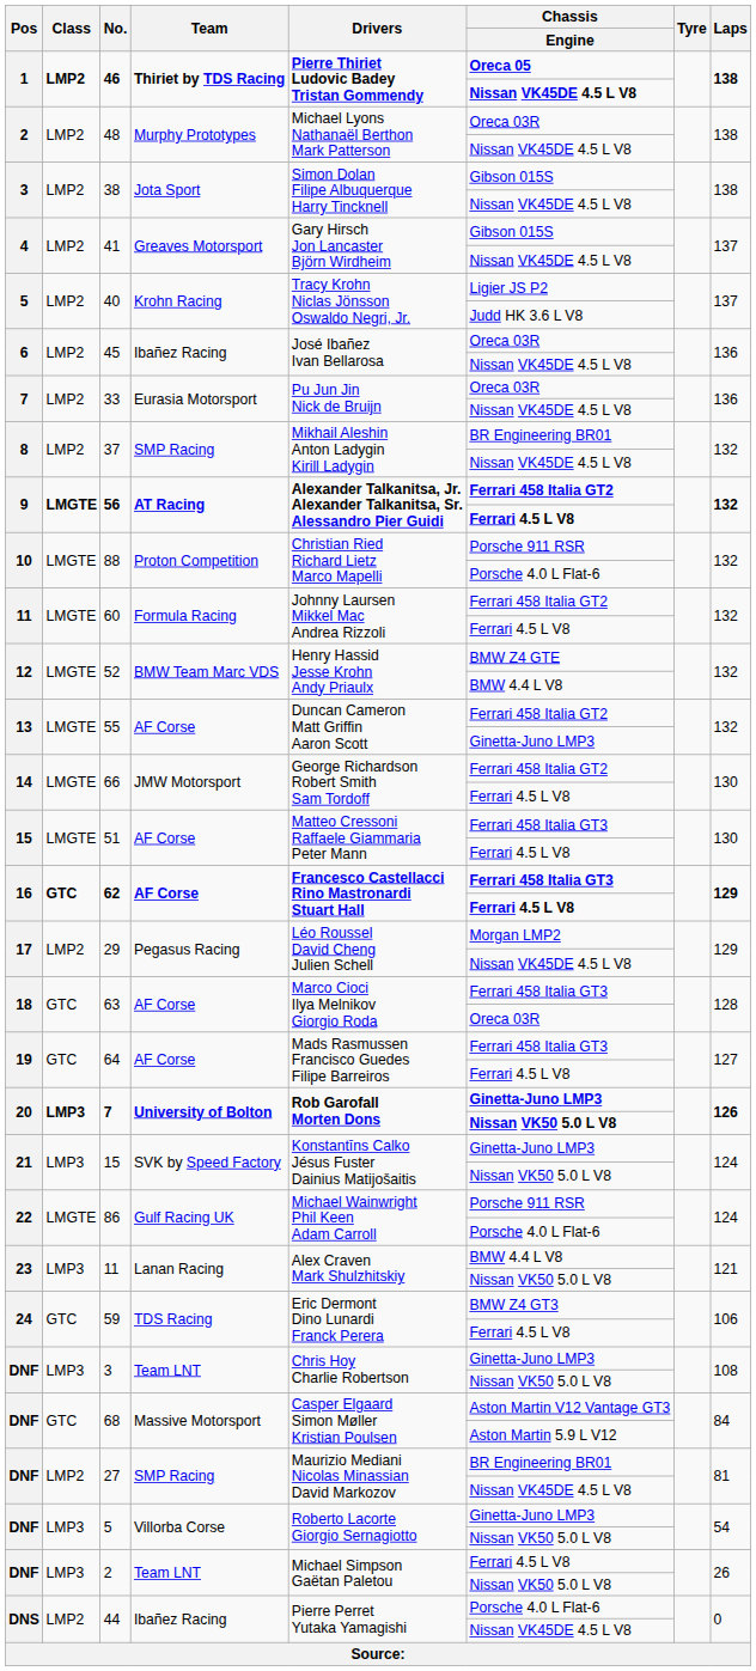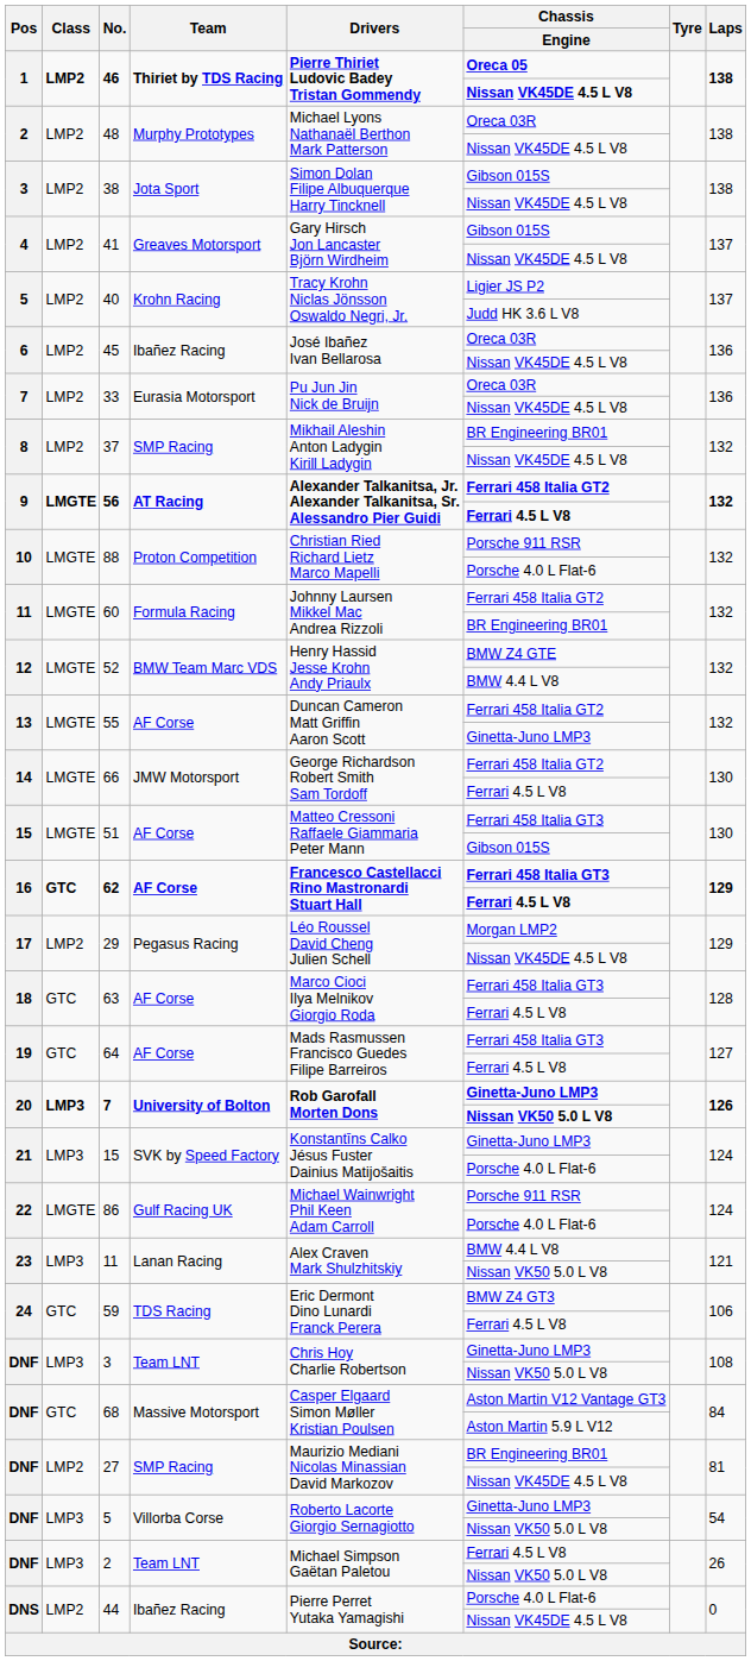 <table class="wikitable" style="font-size: 95%;">
 <tr>
 <th rowspan=2>Pos</th>
 <th rowspan=2>Class</th>
 <th rowspan=2>No.</th>
 <th rowspan=2>Team</th>
 <th rowspan=2>Drivers</th>
 <th>Chassis</th>
 <th rowspan=2>Tyre</th>
 <th rowspan=2>Laps</th>
 </tr>
 <tr>
 <th>Engine</th>
 </tr>
 <tr>
 <th rowspan=2>1</th>
 <td rowspan=2><strong>LMP2</strong></td>
 <td rowspan=2><strong>46</strong></td>
 <td rowspan=2><strong> Thiriet by <a href='#'>TDS Racing</a></strong></td>
 <td rowspan=2><strong> <a href='#'>Pierre Thiriet</a><br> Ludovic Badey<br> <a href='#'>Tristan Gommendy</a></strong></td>
 <td><strong><a href='#'>Oreca 05</a></strong></td>
 <td rowspan=2></td>
 <td rowspan=2><strong>138</strong></td>
 </tr>
 <tr>
 <td><strong><a href='#'>Nissan</a> <a href='#'>VK45DE</a> 4.5 L V8</strong></td>
 </tr>
 <tr>
 <th rowspan=2>2</th>
 <td rowspan=2>LMP2</td>
 <td rowspan=2>48</td>
 <td rowspan=2> <a href='#'>Murphy Prototypes</a></td>
 <td rowspan=2> Michael Lyons<br> <a href='#'>Nathanaël Berthon</a><br> <a href='#'>Mark Patterson</a></td>
 <td><a href='#'>Oreca 03R</a></td>
 <td rowspan=2></td>
 <td rowspan=2>138</td>
 </tr>
 <tr>
 <td><a href='#'>Nissan</a> <a href='#'>VK45DE</a> 4.5 L V8</td>
 </tr>
 <tr>
 <th rowspan=2>3</th>
 <td rowspan=2>LMP2</td>
 <td rowspan=2>38</td>
 <td rowspan=2> <a href='#'>Jota Sport</a></td>
 <td rowspan=2> <a href='#'>Simon Dolan</a><br> <a href='#'>Filipe Albuquerque</a><br> <a href='#'>Harry Tincknell</a></td>
 <td><a href='#'>Gibson 015S</a></td>
 <td rowspan=2></td>
 <td rowspan=2>138</td>
 </tr>
 <tr>
 <td><a href='#'>Nissan</a> <a href='#'>VK45DE</a> 4.5 L V8</td>
 </tr>
 <tr>
 <th rowspan=2>4</th>
 <td rowspan=2>LMP2</td>
 <td rowspan=2>41</td>
 <td rowspan=2> <a href='#'>Greaves Motorsport</a></td>
 <td rowspan=2> Gary Hirsch<br> <a href='#'>Jon Lancaster</a><br> <a href='#'>Björn Wirdheim</a></td>
 <td><a href='#'>Gibson 015S</a></td>
 <td rowspan=2></td>
 <td rowspan=2>137</td>
 </tr>
 <tr>
 <td><a href='#'>Nissan</a> <a href='#'>VK45DE</a> 4.5 L V8</td>
 </tr>
 <tr>
 <th rowspan=2>5</th>
 <td rowspan=2>LMP2</td>
 <td rowspan=2>40</td>
 <td rowspan=2> <a href='#'>Krohn Racing</a></td>
 <td rowspan=2> <a href='#'>Tracy Krohn</a><br> <a href='#'>Niclas Jönsson</a><br> <a href='#'>Oswaldo Negri, Jr.</a></td>
 <td><a href='#'>Ligier JS P2</a></td>
 <td rowspan=2></td>
 <td rowspan=2>137</td>
 </tr>
 <tr>
 <td><a href='#'>Judd</a> HK 3.6 L V8</td>
 </tr>
 <tr>
 <th rowspan=2>6</th>
 <td rowspan=2>LMP2</td>
 <td rowspan=2>45</td>
 <td rowspan=2> Ibañez Racing</td>
 <td rowspan=2> José Ibañez<br> Ivan Bellarosa</td>
 <td><a href='#'>Oreca 03R</a></td>
 <td rowspan=2></td>
 <td rowspan=2>136</td>
 </tr>
 <tr>
 <td><a href='#'>Nissan</a> <a href='#'>VK45DE</a> 4.5 L V8</td>
 </tr>
 <tr>
 <th rowspan=2>7</th>
 <td rowspan=2>LMP2</td>
 <td rowspan=2>33</td>
 <td rowspan=2> Eurasia Motorsport</td>
 <td rowspan=2> <a href='#'>Pu Jun Jin</a><br> <a href='#'>Nick de Bruijn</a></td>
 <td><a href='#'>Oreca 03R</a></td>
 <td rowspan=2></td>
 <td rowspan=2>136</td>
 </tr>
 <tr>
 <td><a href='#'>Nissan</a> <a href='#'>VK45DE</a> 4.5 L V8</td>
 </tr>
 <tr>
 <th rowspan=2>8</th>
 <td rowspan=2>LMP2</td>
 <td rowspan=2>37</td>
 <td rowspan=2> <a href='#'>SMP Racing</a></td>
 <td rowspan=2> <a href='#'>Mikhail Aleshin</a><br> Anton Ladygin<br> <a href='#'>Kirill Ladygin</a></td>
 <td><a href='#'>BR Engineering BR01</a></td>
 <td rowspan=2></td>
 <td rowspan=2>132</td>
 </tr>
 <tr>
 <td><a href='#'>Nissan</a> <a href='#'>VK45DE</a> 4.5 L V8</td>
 </tr>
 <tr>
 <th rowspan=2>9</th>
 <td rowspan=2><strong>LMGTE</strong></td>
 <td rowspan=2><strong>56</strong></td>
 <td rowspan=2><strong> <a href='#'>AT Racing</a></strong></td>
 <td rowspan=2><strong> Alexander Talkanitsa, Jr.<br> Alexander Talkanitsa, Sr.<br> <a href='#'>Alessandro Pier Guidi</a></strong></td>
 <td><a href='#'><strong>Ferrari 458 Italia GT2</strong></a></td>
 <td rowspan=2></td>
 <td rowspan=2><strong>132</strong></td>
 </tr>
 <tr>
 <td><strong><a href='#'>Ferrari</a> 4.5 L V8</strong></td>
 </tr>
 <tr>
 <th rowspan=2>10</th>
 <td rowspan=2>LMGTE</td>
 <td rowspan=2>88</td>
 <td rowspan=2> <a href='#'>Proton Competition</a></td>
 <td rowspan=2> <a href='#'>Christian Ried</a><br> <a href='#'>Richard Lietz</a><br> <a href='#'>Marco Mapelli</a></td>
 <td><a href='#'>Porsche 911 RSR</a></td>
 <td rowspan=2></td>
 <td rowspan=2>132</td>
 </tr>
 <tr>
 <td><a href='#'>Porsche</a> 4.0 L Flat-6</td>
 </tr>
 <tr>
 <th rowspan=2>11</th>
 <td rowspan=2>LMGTE</td>
 <td rowspan=2>60</td>
 <td rowspan=2> <a href='#'>Formula Racing</a></td>
 <td rowspan=2> Johnny Laursen<br> <a href='#'>Mikkel Mac</a><br> Andrea Rizzoli</td>
 <td><a href='#'>Ferrari 458 Italia GT2</a></td>
 <td rowspan=2></td>
 <td rowspan=2>132</td>
 </tr>
 <tr>
-<td><a href='#'>Ferrari</a> 4.5 L V8</td>
+<td><a href='#'>BR Engineering BR01</a></td>
 </tr>
 <tr>
 <th rowspan=2>12</th>
 <td rowspan=2>LMGTE</td>
 <td rowspan=2>52</td>
 <td rowspan=2> <a href='#'>BMW Team Marc VDS</a></td>
 <td rowspan=2> Henry Hassid<br> <a href='#'>Jesse Krohn</a><br> <a href='#'>Andy Priaulx</a></td>
 <td><a href='#'>BMW Z4 GTE</a></td>
 <td rowspan=2></td>
 <td rowspan=2>132</td>
 </tr>
 <tr>
 <td><a href='#'>BMW</a> 4.4 L V8</td>
 </tr>
 <tr>
 <th rowspan=2>13</th>
 <td rowspan=2>LMGTE</td>
 <td rowspan=2>55</td>
 <td rowspan=2> <a href='#'>AF Corse</a></td>
 <td rowspan=2> Duncan Cameron<br> Matt Griffin<br> Aaron Scott</td>
 <td><a href='#'>Ferrari 458 Italia GT2</a></td>
 <td rowspan=2></td>
 <td rowspan=2>132</td>
 </tr>
 <tr>
 <td><a href='#'>Ginetta-Juno LMP3</a></td>
 </tr>
 <tr>
 <th rowspan=2>14</th>
 <td rowspan=2>LMGTE</td>
 <td rowspan=2>66</td>
 <td rowspan=2> JMW Motorsport</td>
 <td rowspan=2> George Richardson<br> Robert Smith<br> <a href='#'>Sam Tordoff</a></td>
 <td><a href='#'>Ferrari 458 Italia GT2</a></td>
 <td rowspan=2></td>
 <td rowspan=2>130</td>
 </tr>
 <tr>
 <td><a href='#'>Ferrari</a> 4.5 L V8</td>
 </tr>
 <tr>
 <th rowspan=2>15</th>
 <td rowspan=2>LMGTE</td>
 <td rowspan=2>51</td>
 <td rowspan=2> <a href='#'>AF Corse</a></td>
 <td rowspan=2> <a href='#'>Matteo Cressoni</a><br> <a href='#'>Raffaele Giammaria</a><br> Peter Mann</td>
 <td><a href='#'>Ferrari 458 Italia GT3</a></td>
 <td rowspan=2></td>
 <td rowspan=2>130</td>
 </tr>
 <tr>
-<td><a href='#'>Ferrari</a> 4.5 L V8</td>
+<td><a href='#'>Gibson 015S</a></td>
 </tr>
 <tr>
 <th rowspan=2>16</th>
 <td rowspan=2><strong>GTC</strong></td>
 <td rowspan=2><strong>62</strong></td>
 <td rowspan=2><strong> <a href='#'>AF Corse</a></strong></td>
 <td rowspan=2><strong> <a href='#'>Francesco Castellacci</a><br> <a href='#'>Rino Mastronardi</a><br> <a href='#'>Stuart Hall</a></strong></td>
 <td><a href='#'><strong>Ferrari 458 Italia GT3</strong></a></td>
 <td rowspan=2></td>
 <td rowspan=2><strong>129</strong></td>
 </tr>
 <tr>
 <td><strong><a href='#'>Ferrari</a> 4.5 L V8</strong></td>
 </tr>
 <tr>
 <th rowspan=2>17</th>
 <td rowspan=2>LMP2</td>
 <td rowspan=2>29</td>
 <td rowspan=2> Pegasus Racing</td>
 <td rowspan=2> <a href='#'>Léo Roussel</a><br> <a href='#'>David Cheng</a><br> Julien Schell</td>
 <td><a href='#'>Morgan LMP2</a></td>
 <td rowspan=2></td>
 <td rowspan=2>129</td>
 </tr>
 <tr>
 <td><a href='#'>Nissan</a> <a href='#'>VK45DE</a> 4.5 L V8</td>
 </tr>
 <tr>
 <th rowspan=2>18</th>
 <td rowspan=2>GTC</td>
 <td rowspan=2>63</td>
 <td rowspan=2> <a href='#'>AF Corse</a></td>
 <td rowspan=2> <a href='#'>Marco Cioci</a><br> Ilya Melnikov<br> <a href='#'>Giorgio Roda</a></td>
 <td><a href='#'>Ferrari 458 Italia GT3</a></td>
 <td rowspan=2></td>
 <td rowspan=2>128</td>
 </tr>
 <tr>
-<td><a href='#'>Oreca 03R</a></td>
+<td><a href='#'>Ferrari</a> 4.5 L V8</td>
 </tr>
 <tr>
 <th rowspan=2>19</th>
 <td rowspan=2>GTC</td>
 <td rowspan=2>64</td>
 <td rowspan=2> <a href='#'>AF Corse</a></td>
 <td rowspan=2> Mads Rasmussen<br> Francisco Guedes<br> Filipe Barreiros</td>
 <td><a href='#'>Ferrari 458 Italia GT3</a></td>
 <td rowspan=2></td>
 <td rowspan=2>127</td>
 </tr>
 <tr>
 <td><a href='#'>Ferrari</a> 4.5 L V8</td>
 </tr>
 <tr>
 <th rowspan=2>20</th>
 <td rowspan=2><strong>LMP3</strong></td>
 <td rowspan=2><strong>7</strong></td>
 <td rowspan=2><strong> <a href='#'>University of Bolton</a></strong></td>
 <td rowspan=2><strong> Rob Garofall<br> <a href='#'>Morten Dons</a></strong></td>
 <td><strong><a href='#'>Ginetta-Juno LMP3</a></strong></td>
 <td rowspan=2></td>
 <td rowspan=2><strong>126</strong></td>
 </tr>
 <tr>
 <td><strong><a href='#'>Nissan</a> <a href='#'>VK50</a> 5.0 L V8</strong></td>
 </tr>
 <tr>
 <th rowspan=2>21</th>
 <td rowspan=2>LMP3</td>
 <td rowspan=2>15</td>
 <td rowspan=2> SVK by <a href='#'>Speed Factory</a></td>
 <td rowspan=2> <a href='#'>Konstantīns Calko</a><br> Jésus Fuster<br> Dainius Matijošaitis</td>
 <td><a href='#'>Ginetta-Juno LMP3</a></td>
 <td rowspan=2></td>
 <td rowspan=2>124</td>
 </tr>
 <tr>
-<td><a href='#'>Nissan</a> <a href='#'>VK50</a> 5.0 L V8</td>
+<td><a href='#'>Porsche</a> 4.0 L Flat-6</td>
 </tr>
 <tr>
 <th rowspan=2>22</th>
 <td rowspan=2>LMGTE</td>
 <td rowspan=2>86</td>
 <td rowspan=2> <a href='#'>Gulf Racing UK</a></td>
 <td rowspan=2> <a href='#'>Michael Wainwright</a><br> <a href='#'>Phil Keen</a><br> <a href='#'>Adam Carroll</a></td>
 <td><a href='#'>Porsche 911 RSR</a></td>
 <td rowspan=2></td>
 <td rowspan=2>124</td>
 </tr>
 <tr>
 <td><a href='#'>Porsche</a> 4.0 L Flat-6</td>
 </tr>
 <tr>
 <th rowspan=2>23</th>
 <td rowspan=2>LMP3</td>
 <td rowspan=2>11</td>
 <td rowspan=2> Lanan Racing</td>
 <td rowspan=2> Alex Craven<br> <a href='#'>Mark Shulzhitskiy</a></td>
 <td><a href='#'>BMW</a> 4.4 L V8</td>
 <td rowspan=2></td>
 <td rowspan=2>121</td>
 </tr>
 <tr>
 <td><a href='#'>Nissan</a> <a href='#'>VK50</a> 5.0 L V8</td>
 </tr>
 <tr>
 <th rowspan=2>24</th>
 <td rowspan=2>GTC</td>
 <td rowspan=2>59</td>
 <td rowspan=2> <a href='#'>TDS Racing</a></td>
 <td rowspan=2> Eric Dermont<br> Dino Lunardi<br> <a href='#'>Franck Perera</a></td>
 <td><a href='#'>BMW Z4 GT3</a></td>
 <td rowspan=2></td>
 <td rowspan=2>106</td>
 </tr>
 <tr>
 <td><a href='#'>Ferrari</a> 4.5 L V8</td>
 </tr>
 <tr>
 <th rowspan=2>DNF</th>
 <td rowspan=2>LMP3</td>
 <td rowspan=2>3</td>
 <td rowspan=2> <a href='#'>Team LNT</a></td>
 <td rowspan=2> <a href='#'>Chris Hoy</a><br> Charlie Robertson</td>
 <td><a href='#'>Ginetta-Juno LMP3</a></td>
 <td rowspan=2></td>
 <td rowspan=2>108</td>
 </tr>
 <tr>
 <td><a href='#'>Nissan</a> <a href='#'>VK50</a> 5.0 L V8</td>
 </tr>
 <tr>
 <th rowspan=2>DNF</th>
 <td rowspan=2>GTC</td>
 <td rowspan=2>68</td>
 <td rowspan=2> Massive Motorsport</td>
 <td rowspan=2> <a href='#'>Casper Elgaard</a><br> Simon Møller<br> <a href='#'>Kristian Poulsen</a></td>
 <td><a href='#'>Aston Martin V12 Vantage GT3</a></td>
 <td rowspan=2></td>
 <td rowspan=2>84</td>
 </tr>
 <tr>
 <td><a href='#'>Aston Martin</a> 5.9 L V12</td>
 </tr>
 <tr>
 <th rowspan=2>DNF</th>
 <td rowspan=2>LMP2</td>
 <td rowspan=2>27</td>
 <td rowspan=2> <a href='#'>SMP Racing</a></td>
 <td rowspan=2> Maurizio Mediani<br> <a href='#'>Nicolas Minassian</a><br> David Markozov</td>
 <td><a href='#'>BR Engineering BR01</a></td>
 <td rowspan=2></td>
 <td rowspan=2>81</td>
 </tr>
 <tr>
 <td><a href='#'>Nissan</a> <a href='#'>VK45DE</a> 4.5 L V8</td>
 </tr>
 <tr>
 <th rowspan=2>DNF</th>
 <td rowspan=2>LMP3</td>
 <td rowspan=2>5</td>
 <td rowspan=2> Villorba Corse</td>
 <td rowspan=2> <a href='#'>Roberto Lacorte</a><br> <a href='#'>Giorgio Sernagiotto</a></td>
 <td><a href='#'>Ginetta-Juno LMP3</a></td>
 <td rowspan=2></td>
 <td rowspan=2>54</td>
 </tr>
 <tr>
 <td><a href='#'>Nissan</a> <a href='#'>VK50</a> 5.0 L V8</td>
 </tr>
 <tr>
 <th rowspan=2>DNF</th>
 <td rowspan=2>LMP3</td>
 <td rowspan=2>2</td>
 <td rowspan=2> <a href='#'>Team LNT</a></td>
 <td rowspan=2> Michael Simpson<br> Gaëtan Paletou</td>
 <td><a href='#'>Ferrari</a> 4.5 L V8</td>
 <td rowspan=2></td>
 <td rowspan=2>26</td>
 </tr>
 <tr>
 <td><a href='#'>Nissan</a> <a href='#'>VK50</a> 5.0 L V8</td>
 </tr>
 <tr>
 <th rowspan=2>DNS</th>
 <td rowspan=2>LMP2</td>
 <td rowspan=2>44</td>
 <td rowspan=2> Ibañez Racing</td>
 <td rowspan=2> Pierre Perret<br> Yutaka Yamagishi</td>
 <td><a href='#'>Porsche</a> 4.0 L Flat-6</td>
 <td rowspan=2></td>
 <td rowspan=2>0</td>
 </tr>
 <tr>
 <td><a href='#'>Nissan</a> <a href='#'>VK45DE</a> 4.5 L V8</td>
 </tr>
 <tr>
 <th colspan="8">Source:</th>
 </tr>
 </table>
